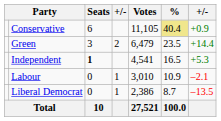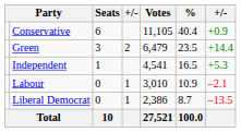 <table class="wikitable sortable">
 <tr>
 <th colspan="2">Party</th>
 <th>Seats</th>
 <th>+/-</th>
 <th>Votes</th>
 <th>%</th>
 <th>+/-</th>
 </tr>
 <tr>
 <td style="background-color: "></td>
 <td><a href='#'>Conservative</a></td>
 <td>6</td>
 <td></td>
 <td>11,105</td>
-<td style="background: khaki;">40.4</td>
+<td>40.4</td>
 <td style="color:green">+0.9</td>
 </tr>
 <tr>
 <td style="background-color: "></td>
 <td><a href='#'>Green</a></td>
 <td>3</td>
 <td> 2</td>
 <td>6,479</td>
 <td>23.5</td>
 <td style="color:green">+14.4</td>
 </tr>
 <tr>
 <td style="background-color: "></td>
 <td><a href='#'>Independent</a></td>
-<td><strong>1</strong></td>
+<td>1</td>
 <td></td>
 <td>4,541</td>
 <td>16.5</td>
 <td style="color:green">+5.3</td>
 </tr>
 <tr>
 <td style="background-color: "></td>
 <td><a href='#'>Labour</a></td>
 <td>0</td>
 <td> 1</td>
 <td>3,010</td>
 <td>10.9</td>
 <td style="color:red">–2.1</td>
 </tr>
 <tr>
 <td style="background-color: "></td>
 <td><a href='#'>Liberal Democrat</a></td>
 <td>0</td>
 <td> 1</td>
 <td>2,386</td>
 <td>8.7</td>
 <td style="color:red">–13.5</td>
 </tr>
 <tr>
 <th colspan="2"><strong>Total</strong></th>
 <th>10</th>
 <th></th>
 <th>27,521</th>
 <th>100.0</th>
 <th></th>
 </tr>
 </table>
